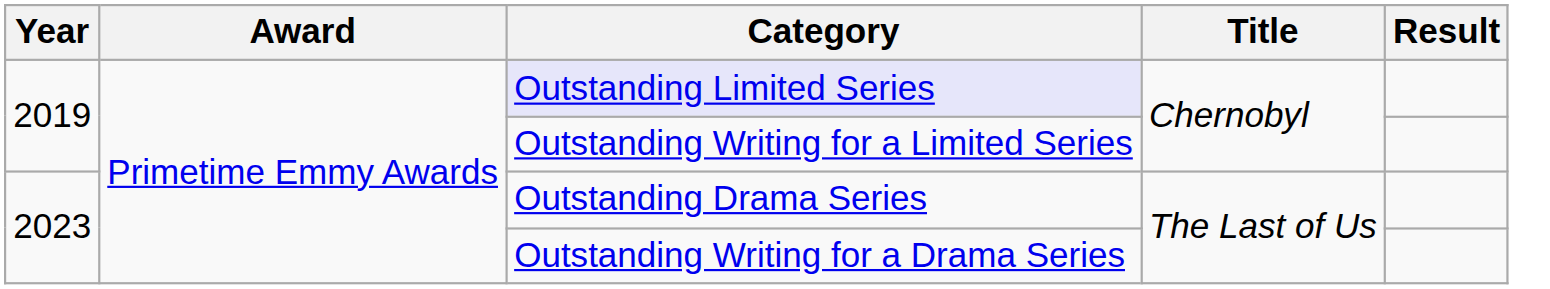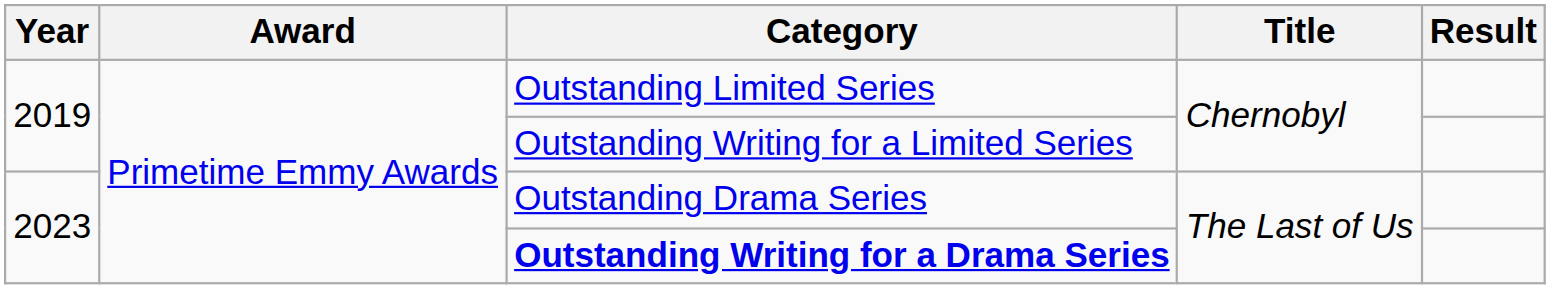 <table class="wikitable">
 <tr>
 <th>Year</th>
 <th>Award</th>
 <th>Category</th>
 <th>Title</th>
 <th>Result</th>
 </tr>
 <tr>
 <td rowspan=2>2019</td>
 <td rowspan=4><a href='#'>Primetime Emmy Awards</a></td>
-<td style="background: lavender;"><a href='#'>Outstanding Limited Series</a></td>
+<td><a href='#'>Outstanding Limited Series</a></td>
 <td rowspan=2><em>Chernobyl</em></td>
 <td></td>
 </tr>
 <tr>
 <td><a href='#'>Outstanding Writing for a Limited Series</a></td>
 <td></td>
 </tr>
 <tr>
 <td rowspan=2>2023</td>
 <td><a href='#'>Outstanding Drama Series</a></td>
 <td rowspan=2><em>The Last of Us</em></td>
 <td></td>
 </tr>
 <tr>
-<td><a href='#'>Outstanding Writing for a Drama Series</a></td>
+<td><strong><a href='#'>Outstanding Writing for a Drama Series</a></strong></td>
 <td></td>
 </tr>
 </table>
